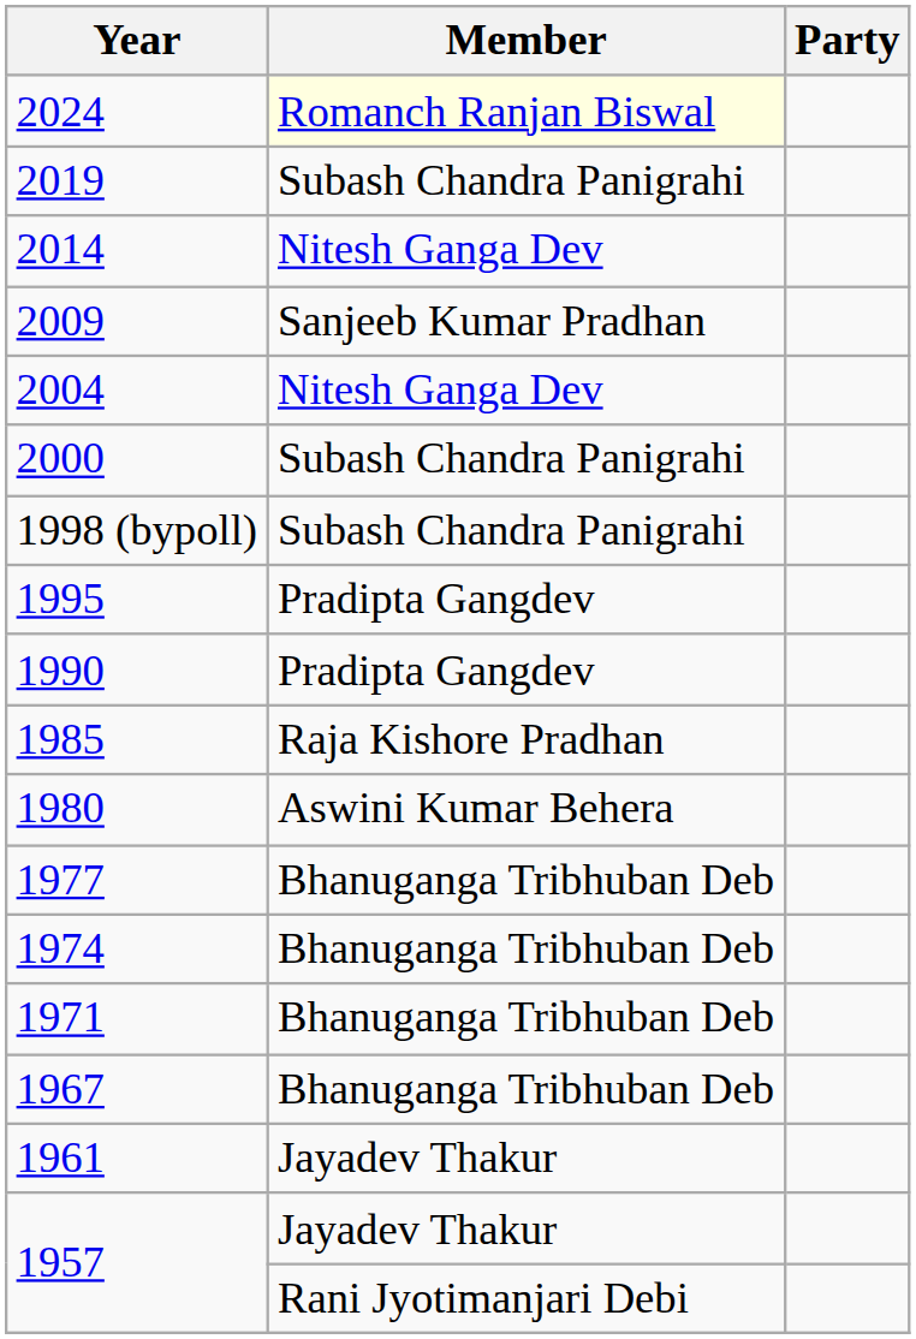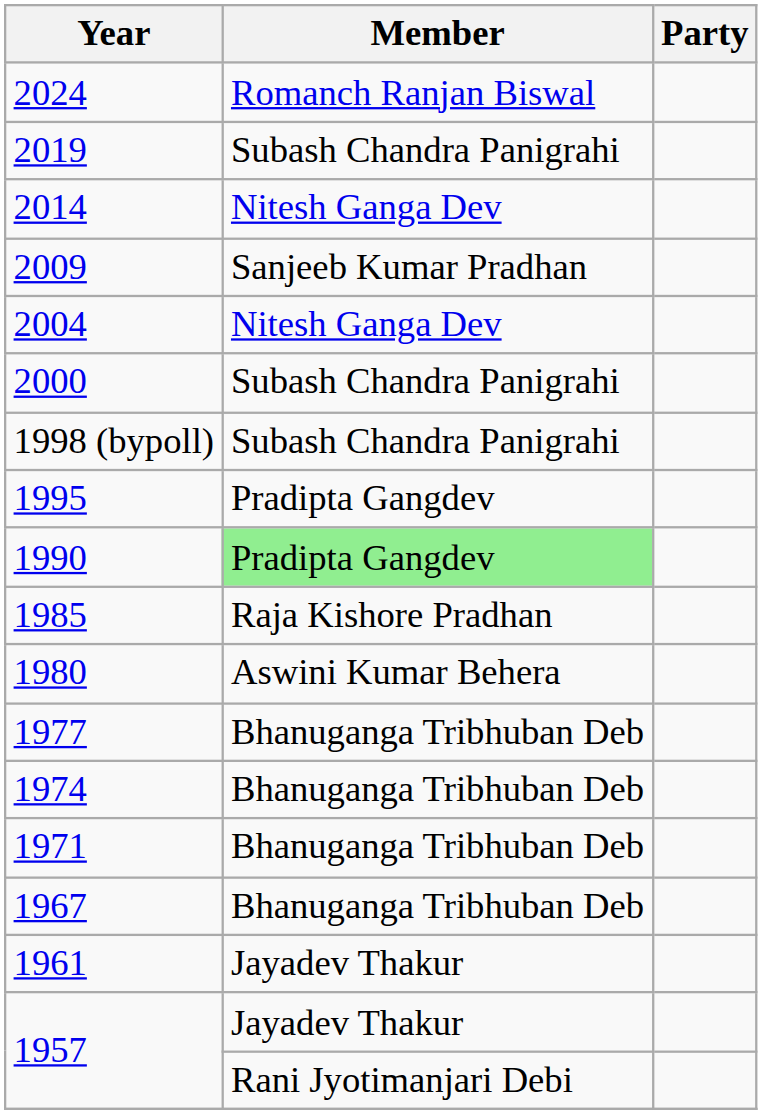 <table class="wikitable sortable">
 <tr>
 <th>Year</th>
 <th>Member</th>
 <th colspan=2>Party</th>
 </tr>
 <tr>
 <td><a href='#'>2024</a></td>
-<td style="background: lightyellow;"><a href='#'>Romanch Ranjan Biswal</a></td>
+<td><a href='#'>Romanch Ranjan Biswal</a></td>
 <td></td>
 </tr>
 <tr>
 <td><a href='#'>2019</a></td>
 <td>Subash Chandra Panigrahi</td>
 <td></td>
 </tr>
 <tr>
 <td><a href='#'>2014</a></td>
 <td><a href='#'>Nitesh Ganga Dev</a></td>
 <td></td>
 </tr>
 <tr>
 <td><a href='#'>2009</a></td>
 <td>Sanjeeb Kumar Pradhan</td>
 <td></td>
 </tr>
 <tr>
 <td><a href='#'>2004</a></td>
 <td><a href='#'>Nitesh Ganga Dev</a></td>
 <td></td>
 </tr>
 <tr>
 <td><a href='#'>2000</a></td>
 <td>Subash Chandra Panigrahi</td>
 <td></td>
 </tr>
 <tr>
 <td>1998 (bypoll)</td>
 <td>Subash Chandra Panigrahi</td>
 <td></td>
 </tr>
 <tr>
 <td><a href='#'>1995</a></td>
 <td>Pradipta Gangdev</td>
 <td></td>
 </tr>
 <tr>
 <td><a href='#'>1990</a></td>
-<td>Pradipta Gangdev</td>
+<td style="background: lightgreen;">Pradipta Gangdev</td>
 <td></td>
 </tr>
 <tr>
 <td><a href='#'>1985</a></td>
 <td>Raja Kishore Pradhan</td>
 <td></td>
 </tr>
 <tr>
 <td><a href='#'>1980</a></td>
 <td>Aswini Kumar Behera</td>
 <td></td>
 </tr>
 <tr>
 <td><a href='#'>1977</a></td>
 <td>Bhanuganga Tribhuban Deb</td>
 <td></td>
 </tr>
 <tr>
 <td><a href='#'>1974</a></td>
 <td>Bhanuganga Tribhuban Deb</td>
 <td></td>
 </tr>
 <tr>
 <td><a href='#'>1971</a></td>
 <td>Bhanuganga Tribhuban Deb</td>
 <td></td>
 </tr>
 <tr>
 <td><a href='#'>1967</a></td>
 <td>Bhanuganga Tribhuban Deb</td>
 <td></td>
 </tr>
 <tr>
 <td><a href='#'>1961</a></td>
 <td>Jayadev Thakur</td>
 <td></td>
 </tr>
 <tr>
 <td rowspan="2"><a href='#'>1957</a></td>
 <td>Jayadev Thakur</td>
 <td></td>
 </tr>
 <tr>
 <td>Rani Jyotimanjari Debi</td>
 <td></td>
 </tr>
 <tr>
 </tr>
 </table>
